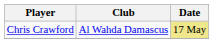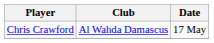 <table class="wikitable" style="text-align:center;">
 <tr>
 <th>Player</th>
 <th>Club</th>
 <th>Date</th>
 </tr>
 <tr>
 <td> <a href='#'>Chris Crawford</a></td>
 <td> <a href='#'>Al Wahda Damascus</a></td>
-<td style="background: khaki;">17 May</td>
+<td>17 May</td>
 </tr>
 <tr>
 </tr>
 </table>
